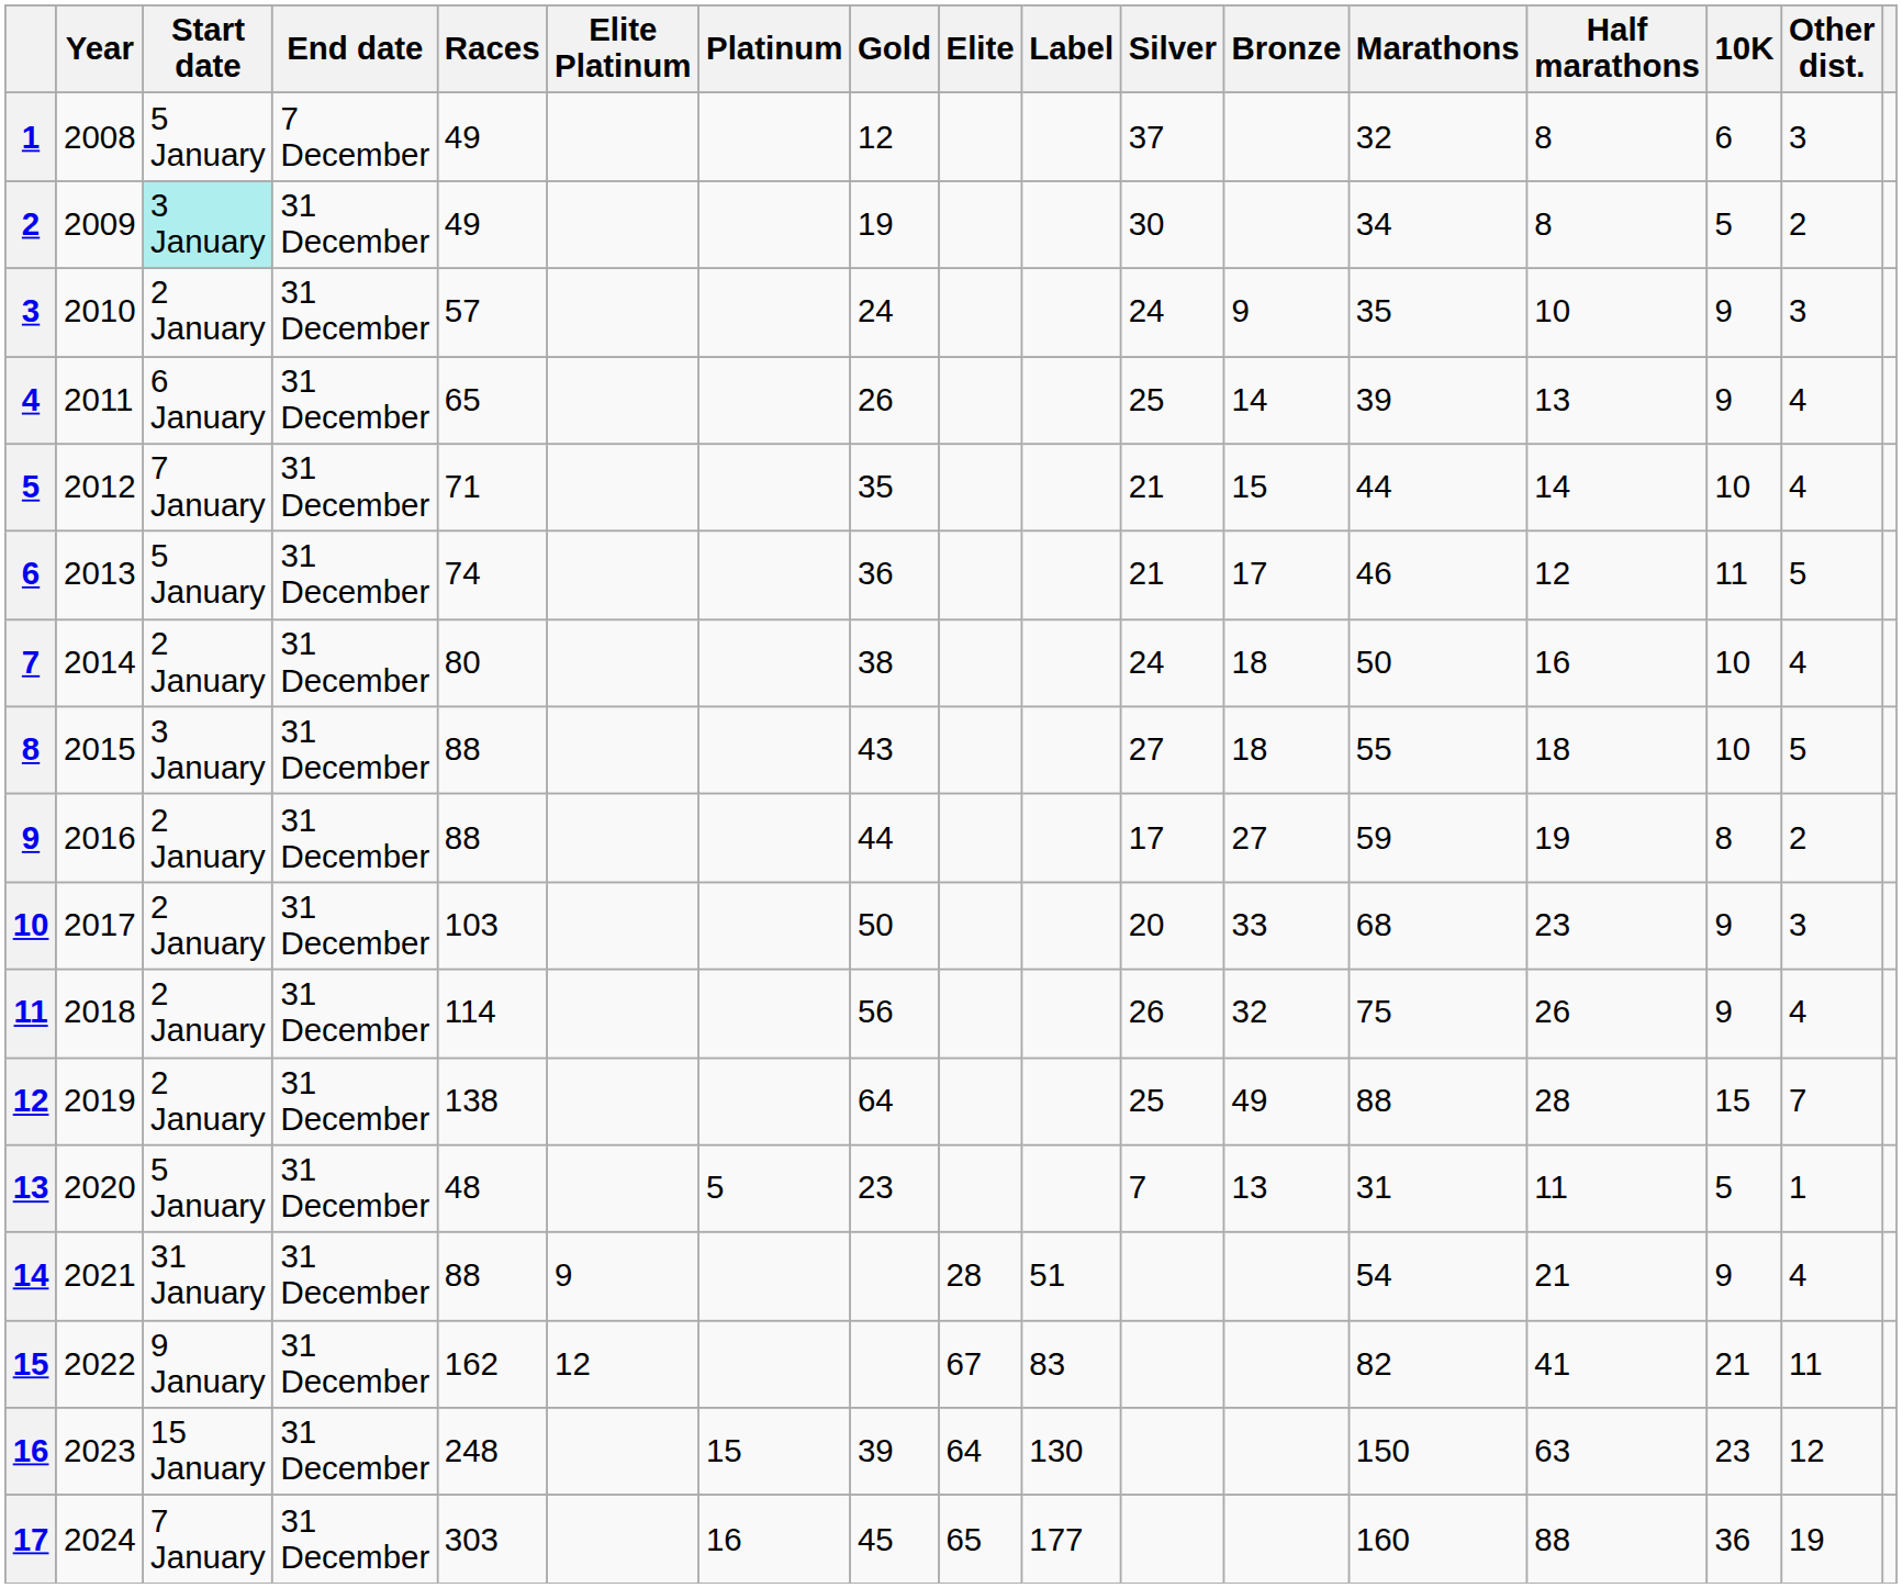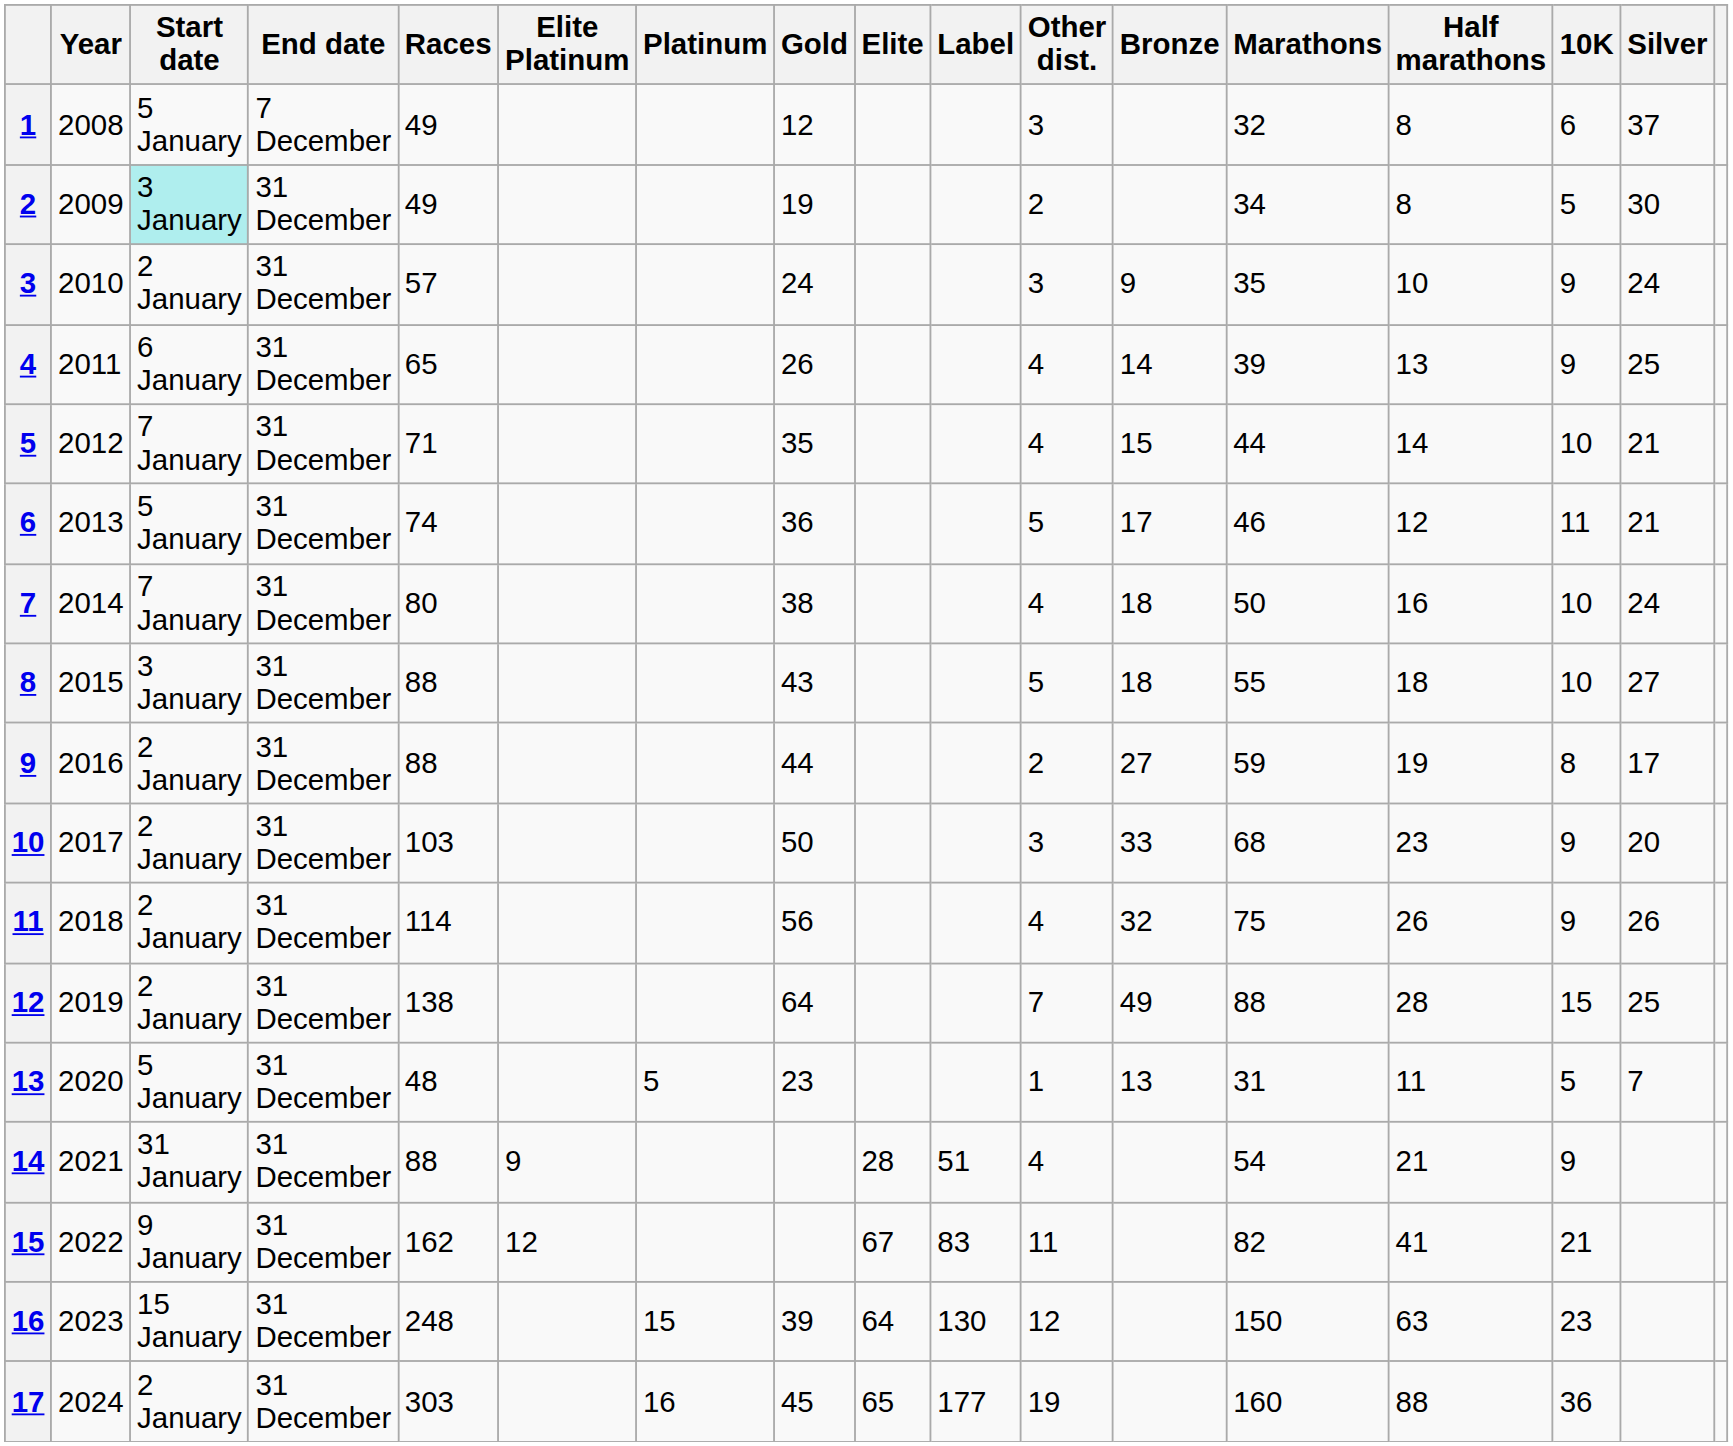 <table class="wikitable plainrowheaders sortable defaultcenter">
 <tr>
 <th scope="col"></th>
 <th scope="col">Year</th>
 <th scope="col">Start date</th>
 <th scope="col">End date</th>
 <th scope="col">Races</th>
 <th scope="col">Elite Platinum</th>
 <th scope="col">Platinum</th>
 <th scope="col">Gold</th>
 <th scope="col">Elite</th>
 <th scope="col">Label</th>
-<th scope="col">Silver</th>
+<th scope="col">Other dist.</th>
 <th scope="col">Bronze</th>
 <th scope="col">Marathons</th>
 <th scope="col">Half marathons</th>
 <th scope="col">10K</th>
-<th scope="col">Other dist.</th>
+<th scope="col">Silver</th>
 <th scope="col" class="unsortable"></th>
 </tr>
 <tr>
 <th scope="row"><a href='#'>1</a></th>
 <td>2008</td>
 <td>5 January</td>
 <td>7 December</td>
 <td>49</td>
 <td></td>
 <td></td>
 <td>12</td>
 <td></td>
 <td></td>
-<td>37</td>
+<td>3</td>
 <td></td>
 <td>32</td>
 <td>8</td>
 <td>6</td>
-<td>3</td>
+<td>37</td>
 <td></td>
 </tr>
 <tr>
 <th scope="row"><a href='#'>2</a></th>
 <td>2009</td>
 <td style="background: paleturquoise;">3 January</td>
 <td>31 December</td>
 <td>49</td>
 <td></td>
 <td></td>
 <td>19</td>
 <td></td>
 <td></td>
-<td>30</td>
+<td>2</td>
 <td></td>
 <td>34</td>
 <td>8</td>
 <td>5</td>
-<td>2</td>
+<td>30</td>
 <td></td>
 </tr>
 <tr>
 <th scope="row"><a href='#'>3</a></th>
 <td>2010</td>
 <td>2 January</td>
 <td>31 December</td>
 <td>57</td>
 <td></td>
 <td></td>
 <td>24</td>
 <td></td>
 <td></td>
-<td>24</td>
+<td>3</td>
 <td>9</td>
 <td>35</td>
 <td>10</td>
 <td>9</td>
-<td>3</td>
+<td>24</td>
 <td></td>
 </tr>
 <tr>
 <th scope="row"><a href='#'>4</a></th>
 <td>2011</td>
 <td>6 January</td>
 <td>31 December</td>
 <td>65</td>
 <td></td>
 <td></td>
 <td>26</td>
 <td></td>
 <td></td>
-<td>25</td>
+<td>4</td>
 <td>14</td>
 <td>39</td>
 <td>13</td>
 <td>9</td>
-<td>4</td>
+<td>25</td>
 <td></td>
 </tr>
 <tr>
 <th scope="row"><a href='#'>5</a></th>
 <td>2012</td>
 <td>7 January</td>
 <td>31 December</td>
 <td>71</td>
 <td></td>
 <td></td>
 <td>35</td>
 <td></td>
 <td></td>
-<td>21</td>
+<td>4</td>
 <td>15</td>
 <td>44</td>
 <td>14</td>
 <td>10</td>
-<td>4</td>
+<td>21</td>
 <td></td>
 </tr>
 <tr>
 <th scope="row"><a href='#'>6</a></th>
 <td>2013</td>
 <td>5 January</td>
 <td>31 December</td>
 <td>74</td>
 <td></td>
 <td></td>
 <td>36</td>
 <td></td>
 <td></td>
-<td>21</td>
+<td>5</td>
 <td>17</td>
 <td>46</td>
 <td>12</td>
 <td>11</td>
-<td>5</td>
+<td>21</td>
 <td></td>
 </tr>
 <tr>
 <th scope="row"><a href='#'>7</a></th>
 <td>2014</td>
-<td>2 January</td>
+<td>7 January</td>
 <td>31 December</td>
 <td>80</td>
 <td></td>
 <td></td>
 <td>38</td>
 <td></td>
 <td></td>
-<td>24</td>
+<td>4</td>
 <td>18</td>
 <td>50</td>
 <td>16</td>
 <td>10</td>
-<td>4</td>
+<td>24</td>
 <td></td>
 </tr>
 <tr>
 <th scope="row"><a href='#'>8</a></th>
 <td>2015</td>
 <td>3 January</td>
 <td>31 December</td>
 <td>88</td>
 <td></td>
 <td></td>
 <td>43</td>
 <td></td>
 <td></td>
-<td>27</td>
+<td>5</td>
 <td>18</td>
 <td>55</td>
 <td>18</td>
 <td>10</td>
-<td>5</td>
+<td>27</td>
 <td></td>
 </tr>
 <tr>
 <th scope="row"><a href='#'>9</a></th>
 <td>2016</td>
 <td>2 January</td>
 <td>31 December</td>
 <td>88</td>
 <td></td>
 <td></td>
 <td>44</td>
 <td></td>
 <td></td>
-<td>17</td>
+<td>2</td>
 <td>27</td>
 <td>59</td>
 <td>19</td>
 <td>8</td>
-<td>2</td>
+<td>17</td>
 <td></td>
 </tr>
 <tr>
 <th scope="row"><a href='#'>10</a></th>
 <td>2017</td>
 <td>2 January</td>
 <td>31 December</td>
 <td>103</td>
 <td></td>
 <td></td>
 <td>50</td>
 <td></td>
 <td></td>
-<td>20</td>
+<td>3</td>
 <td>33</td>
 <td>68</td>
 <td>23</td>
 <td>9</td>
-<td>3</td>
+<td>20</td>
 <td></td>
 </tr>
 <tr>
 <th scope="row"><a href='#'>11</a></th>
 <td>2018</td>
 <td>2 January</td>
 <td>31 December</td>
 <td>114</td>
 <td></td>
 <td></td>
 <td>56</td>
 <td></td>
 <td></td>
-<td>26</td>
+<td>4</td>
 <td>32</td>
 <td>75</td>
 <td>26</td>
 <td>9</td>
-<td>4</td>
+<td>26</td>
 <td></td>
 </tr>
 <tr>
 <th scope="row"><a href='#'>12</a></th>
 <td>2019</td>
 <td>2 January</td>
 <td>31 December</td>
 <td>138</td>
 <td></td>
 <td></td>
 <td>64</td>
 <td></td>
 <td></td>
-<td>25</td>
+<td>7</td>
 <td>49</td>
 <td>88</td>
 <td>28</td>
 <td>15</td>
-<td>7</td>
+<td>25</td>
 <td></td>
 </tr>
 <tr>
 <th scope="row"><a href='#'>13</a></th>
 <td>2020</td>
 <td>5 January</td>
 <td>31 December</td>
 <td>48</td>
 <td></td>
 <td>5</td>
 <td>23</td>
 <td></td>
 <td></td>
-<td>7</td>
+<td>1</td>
 <td>13</td>
 <td>31</td>
 <td>11</td>
 <td>5</td>
-<td>1</td>
+<td>7</td>
 <td></td>
 </tr>
 <tr>
 <th scope="row"><a href='#'>14</a></th>
 <td>2021</td>
 <td>31 January</td>
 <td>31 December</td>
 <td>88</td>
 <td>9</td>
 <td></td>
 <td></td>
 <td>28</td>
 <td>51</td>
-<td></td>
+<td>4</td>
 <td></td>
 <td>54</td>
 <td>21</td>
 <td>9</td>
-<td>4</td>
+<td></td>
 <td></td>
 </tr>
 <tr>
 <th scope="row"><a href='#'>15</a></th>
 <td>2022</td>
 <td>9 January</td>
 <td>31 December</td>
 <td>162</td>
 <td>12</td>
 <td></td>
 <td></td>
 <td>67</td>
 <td>83</td>
-<td></td>
+<td>11</td>
 <td></td>
 <td>82</td>
 <td>41</td>
 <td>21</td>
-<td>11</td>
+<td></td>
 <td></td>
 </tr>
 <tr>
 <th scope="row"><a href='#'>16</a></th>
 <td>2023</td>
 <td>15 January</td>
 <td>31 December</td>
 <td>248</td>
 <td></td>
 <td>15</td>
 <td>39</td>
 <td>64</td>
 <td>130</td>
-<td></td>
+<td>12</td>
 <td></td>
 <td>150</td>
 <td>63</td>
 <td>23</td>
-<td>12</td>
+<td></td>
 <td></td>
 </tr>
 <tr>
 <th scope="row"><a href='#'>17</a></th>
 <td>2024</td>
-<td>7 January</td>
+<td>2 January</td>
 <td>31 December</td>
 <td>303</td>
 <td></td>
 <td>16</td>
 <td>45</td>
 <td>65</td>
 <td>177</td>
-<td></td>
+<td>19</td>
 <td></td>
 <td>160</td>
 <td>88</td>
 <td>36</td>
-<td>19</td>
+<td></td>
 <td></td>
 </tr>
 </table>
